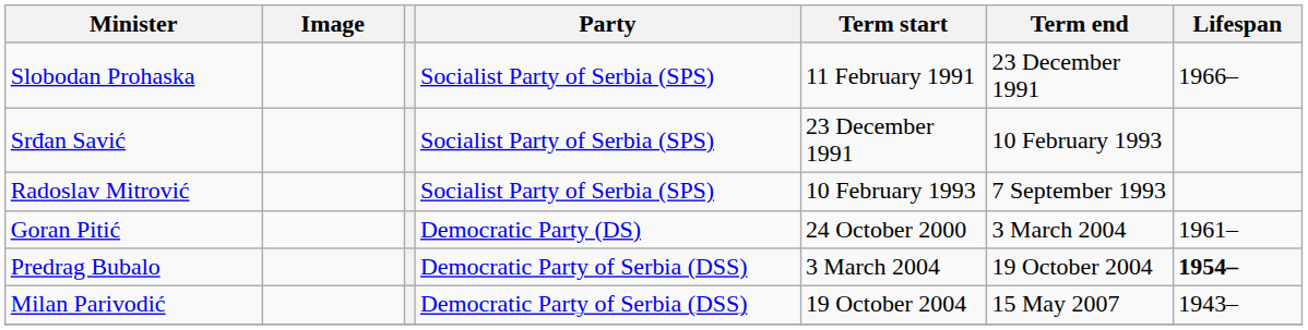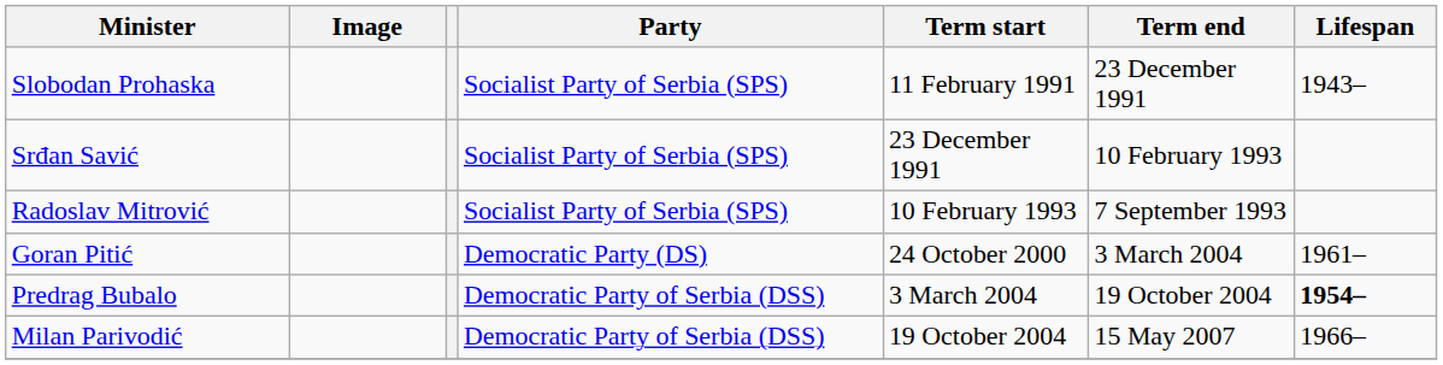 <table class="wikitable" style="text-align: left;">
 <tr>
 <th width="170">Minister</th>
 <th width="90">Image</th>
 <th></th>
 <th width="260">Party</th>
 <th width="120">Term start</th>
 <th width="120">Term end</th>
 <th width="80">Lifespan</th>
 </tr>
 <tr>
 <td><a href='#'>Slobodan Prohaska</a></td>
 <td></td>
 <th style="background:"></th>
 <td><a href='#'>Socialist Party of Serbia (SPS)</a></td>
 <td>11 February 1991</td>
 <td>23 December 1991</td>
-<td>1966–</td>
+<td>1943–</td>
 </tr>
 <tr>
 <td><a href='#'>Srđan Savić</a></td>
 <td></td>
 <th style="background:"></th>
 <td><a href='#'>Socialist Party of Serbia (SPS)</a></td>
 <td>23 December 1991</td>
 <td>10 February 1993</td>
 <td></td>
 </tr>
 <tr>
 <td><a href='#'>Radoslav Mitrović</a></td>
 <td></td>
 <th style="background:"></th>
 <td><a href='#'>Socialist Party of Serbia (SPS)</a></td>
 <td>10 February 1993</td>
 <td>7 September 1993</td>
 <td></td>
 </tr>
 <tr>
 <td><a href='#'>Goran Pitić</a></td>
 <td></td>
 <th style="background:"></th>
 <td><a href='#'>Democratic Party (DS)</a></td>
 <td>24 October 2000</td>
 <td>3 March 2004</td>
 <td>1961–</td>
 </tr>
 <tr>
 <td><a href='#'>Predrag Bubalo</a></td>
 <td></td>
 <th style="background:"></th>
 <td><a href='#'>Democratic Party of Serbia (DSS)</a></td>
 <td>3 March 2004</td>
 <td>19 October 2004</td>
 <td><strong>1954–</strong></td>
 </tr>
 <tr>
 <td><a href='#'>Milan Parivodić</a></td>
 <td></td>
 <th style="background:"></th>
 <td><a href='#'>Democratic Party of Serbia (DSS)</a></td>
 <td>19 October 2004</td>
 <td>15 May 2007</td>
-<td>1943–</td>
+<td>1966–</td>
 </tr>
 <tr>
 </tr>
 </table>
